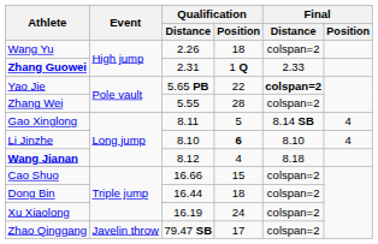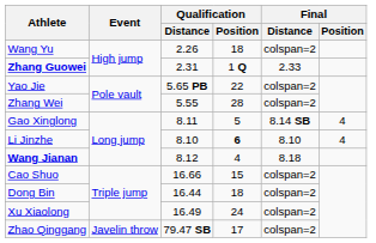 <table class=wikitable style="font-size:90%">
 <tr>
 <th rowspan="2">Athlete</th>
 <th rowspan="2">Event</th>
 <th colspan="2">Qualification</th>
 <th colspan="2">Final</th>
 </tr>
 <tr style="font-size:95%">
 <th>Distance</th>
 <th>Position</th>
 <th>Distance</th>
 <th>Position</th>
 </tr>
 <tr style=text-align:center>
 <td style=text-align:left><a href='#'>Wang Yu</a></td>
 <td style=text-align:left rowspan=2><a href='#'>High jump</a></td>
 <td>2.26</td>
 <td>18</td>
 <td>colspan=2 </td>
 </tr>
 <tr style=text-align:center>
 <td style=text-align:left><strong><a href='#'>Zhang Guowei</a></strong></td>
 <td>2.31</td>
 <td>1 <strong>Q</strong></td>
 <td>2.33</td>
 <td></td>
 </tr>
 <tr style=text-align:center>
 <td style=text-align:left><a href='#'>Yao Jie</a></td>
 <td style=text-align:left rowspan=2><a href='#'>Pole vault</a></td>
 <td>5.65 <strong>PB</strong></td>
 <td>22</td>
-<td><strong>colspan=2 </strong></td>
+<td>colspan=2 </td>
 </tr>
 <tr style=text-align:center>
 <td style=text-align:left><a href='#'>Zhang Wei</a></td>
 <td>5.55</td>
 <td>28</td>
 <td>colspan=2 </td>
 </tr>
 <tr style=text-align:center>
 <td style=text-align:left><a href='#'>Gao Xinglong</a></td>
 <td style=text-align:left rowspan=3><a href='#'>Long jump</a></td>
 <td>8.11</td>
 <td>5</td>
 <td>8.14 <strong>SB</strong></td>
 <td>4</td>
 </tr>
 <tr style=text-align:center>
 <td style=text-align:left><a href='#'>Li Jinzhe</a></td>
 <td>8.10</td>
 <td><strong>6</strong></td>
 <td>8.10</td>
 <td>4</td>
 </tr>
 <tr style=text-align:center>
 <td style=text-align:left><strong><a href='#'>Wang Jianan</a></strong></td>
 <td>8.12</td>
 <td>4</td>
 <td>8.18</td>
 <td></td>
 </tr>
 <tr style=text-align:center>
 <td style=text-align:left><a href='#'>Cao Shuo</a></td>
 <td style=text-align:left rowspan=3><a href='#'>Triple jump</a></td>
 <td>16.66</td>
 <td>15</td>
 <td>colspan=2 </td>
 </tr>
 <tr style=text-align:center>
 <td style=text-align:left><a href='#'>Dong Bin</a></td>
 <td>16.44</td>
 <td>18</td>
 <td>colspan=2 </td>
 </tr>
 <tr style=text-align:center>
 <td style=text-align:left><a href='#'>Xu Xiaolong</a></td>
-<td>16.19</td>
+<td>16.49</td>
 <td>24</td>
 <td>colspan=2 </td>
 </tr>
 <tr style=text-align:center>
 <td style=text-align:left><a href='#'>Zhao Qinggang</a></td>
 <td style=text-align:left rowspan=1><a href='#'>Javelin throw</a></td>
 <td>79.47 <strong>SB</strong></td>
 <td>17</td>
 <td>colspan=2 </td>
 </tr>
 </table>
